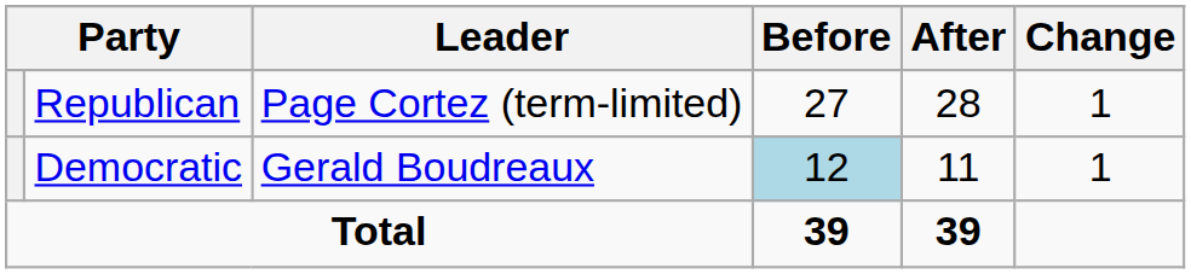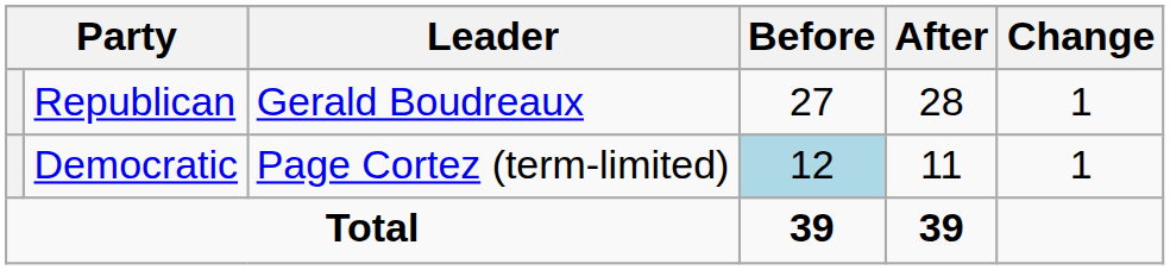 <table class="wikitable" style="text-align:center;">
 <tr>
 </tr>
 <tr>
 <th colspan=2>Party</th>
 <th>Leader</th>
 <th>Before</th>
 <th>After</th>
 <th>Change</th>
 </tr>
 <tr>
 <th style="background-color:"></th>
 <td style="text-align:left;"><a href='#'>Republican</a></td>
-<td style="text-align:left;"><a href='#'>Page Cortez</a> (term-limited)</td>
+<td style="text-align:left;"><a href='#'>Gerald Boudreaux</a></td>
 <td>27</td>
 <td>28</td>
 <td>1</td>
 </tr>
 <tr>
 <th style="background-color:"></th>
 <td style="text-align:left;"><a href='#'>Democratic</a></td>
-<td style="text-align:left;"><a href='#'>Gerald Boudreaux</a></td>
+<td style="text-align:left;"><a href='#'>Page Cortez</a> (term-limited)</td>
 <td style="background: lightblue;">12</td>
 <td>11</td>
 <td>1</td>
 </tr>
 <tr>
 <td colspan=3><strong>Total</strong></td>
 <td><strong>39</strong></td>
 <td><strong>39</strong></td>
 </tr>
 </table>
